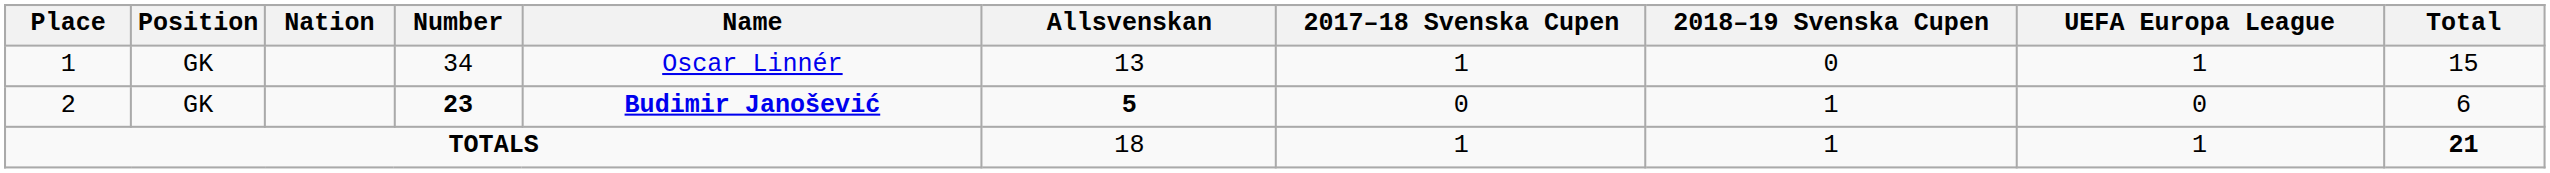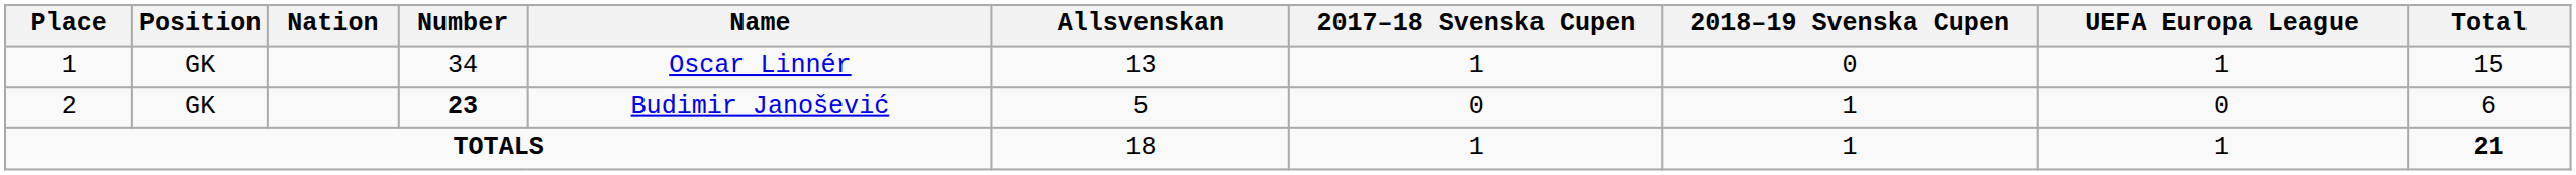 <table class="wikitable" style="font-size: 95%; text-align: center;">
 <tr>
 <th width=60>Place</th>
 <th width=60>Position</th>
 <th width=60>Nation</th>
 <th width=60>Number</th>
 <th width=250>Name</th>
 <th width=150>Allsvenskan</th>
 <th width=200>2017–18 Svenska Cupen</th>
 <th width=200>2018–19 Svenska Cupen</th>
 <th width=200>UEFA Europa League</th>
 <th width=80><strong>Total</strong></th>
 </tr>
 <tr>
 <td>1</td>
 <td>GK</td>
 <td></td>
 <td>34</td>
 <td><a href='#'>Oscar Linnér</a></td>
 <td>13</td>
 <td>1</td>
 <td>0</td>
 <td>1</td>
 <td>15</td>
 </tr>
 <tr>
 <td>2</td>
 <td>GK</td>
 <td></td>
 <td><strong>23</strong></td>
-<td><strong><a href='#'>Budimir Janošević</a></strong></td>
-<td><strong>5</strong></td>
+<td><a href='#'>Budimir Janošević</a></td>
+<td>5</td>
 <td>0</td>
 <td>1</td>
 <td>0</td>
 <td>6</td>
 </tr>
 <tr>
 <td colspan="5"><strong>TOTALS</strong></td>
 <td>18</td>
 <td>1</td>
 <td>1</td>
 <td>1</td>
 <td><strong>21</strong></td>
 </tr>
 </table>
